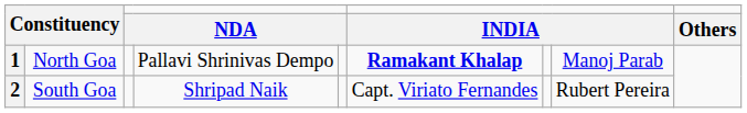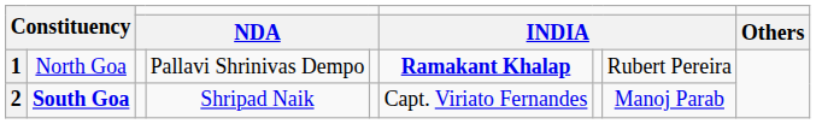 <table class="wikitable sortable" style="text-align:center;">
 <tr>
 <th colspan="2" rowspan="2">Constituency</th>
 <td colspan="3"></td>
 <td colspan="3"></td>
 <td colspan="3"></td>
 </tr>
 <tr>
 <th colspan="3"><a href='#'>NDA</a></th>
 <th colspan="3"><a href='#'>INDIA</a></th>
 <th colspan="3">Others</th>
 </tr>
 <tr>
 <th>1</th>
 <td><a href='#'>North Goa</a></td>
 <td></td>
 <td>Pallavi Shrinivas Dempo</td>
 <td></td>
 <td><strong><a href='#'>Ramakant Khalap</a></strong></td>
 <td></td>
-<td><a href='#'>Manoj Parab</a></td>
+<td>Rubert Pereira</td>
 </tr>
 <tr>
 <th>2</th>
-<td><a href='#'>South Goa</a></td>
+<td><strong><a href='#'>South Goa</a></strong></td>
 <td></td>
 <td><a href='#'>Shripad Naik</a></td>
 <td></td>
 <td>Capt. <a href='#'>Viriato Fernandes</a></td>
 <td></td>
-<td>Rubert Pereira</td>
+<td><a href='#'>Manoj Parab</a></td>
 </tr>
 </table>
